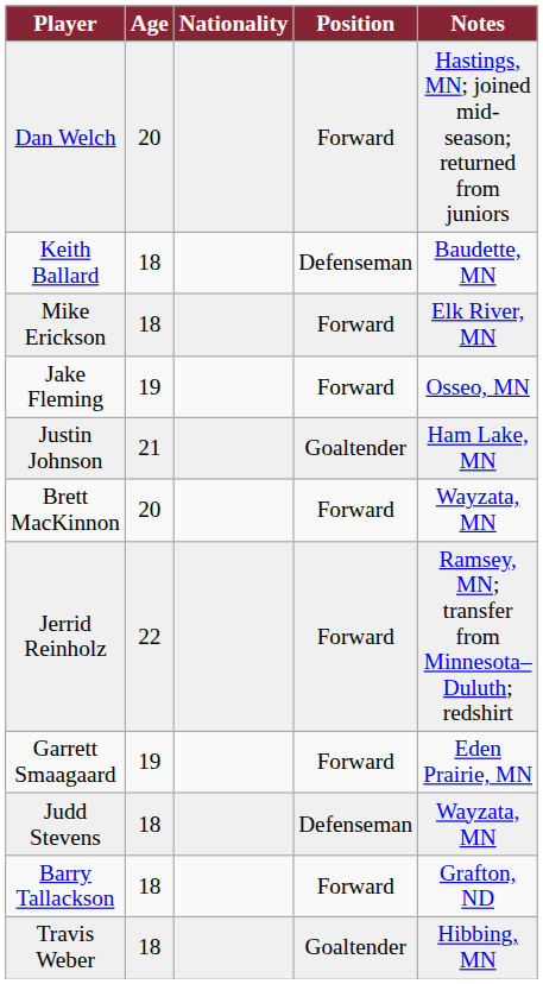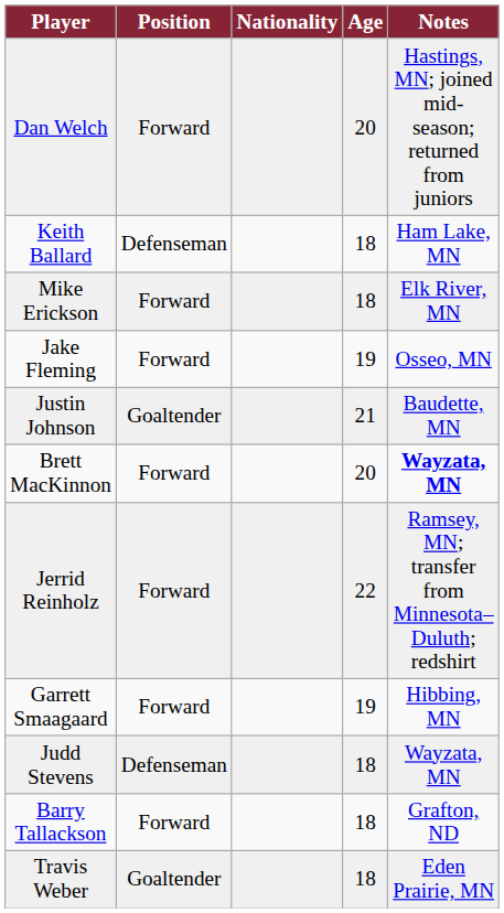 <table class="wikitable" width="60%">
 <tr>
 <th style="color:white; background:#862334; ">Player</th>
+<th style="color:white; background:#862334; ">Position</th>
+<th style="color:white; background:#862334; ">Nationality</th>
 <th style="color:white; background:#862334; ">Age</th>
-<th style="color:white; background:#862334; ">Nationality</th>
-<th style="color:white; background:#862334; ">Position</th>
 <th style="color:white; background:#862334; ">Notes</th>
 </tr>
 <tr align="center" bgcolor="f0f0f0">
 <td><a href='#'>Dan Welch</a></td>
+<td>Forward</td>
+<td></td>
 <td>20</td>
-<td></td>
-<td>Forward</td>
 <td><a href='#'>Hastings, MN</a>; joined mid-season; returned from juniors</td>
 </tr>
 <tr align="center" bgcolor="">
 <td><a href='#'>Keith Ballard</a></td>
+<td>Defenseman</td>
+<td></td>
 <td>18</td>
-<td></td>
-<td>Defenseman</td>
-<td><a href='#'>Baudette, MN</a></td>
+<td><a href='#'>Ham Lake, MN</a></td>
 </tr>
 <tr align="center" bgcolor="f0f0f0">
 <td>Mike Erickson</td>
+<td>Forward</td>
+<td></td>
 <td>18</td>
-<td></td>
-<td>Forward</td>
 <td><a href='#'>Elk River, MN</a></td>
 </tr>
 <tr align="center" bgcolor="">
 <td>Jake Fleming</td>
+<td>Forward</td>
+<td></td>
 <td>19</td>
-<td></td>
-<td>Forward</td>
 <td><a href='#'>Osseo, MN</a></td>
 </tr>
 <tr align="center" bgcolor="f0f0f0">
 <td>Justin Johnson</td>
+<td>Goaltender</td>
+<td></td>
 <td>21</td>
-<td></td>
-<td>Goaltender</td>
-<td><a href='#'>Ham Lake, MN</a></td>
+<td><a href='#'>Baudette, MN</a></td>
 </tr>
 <tr align="center" bgcolor="">
 <td>Brett MacKinnon</td>
+<td>Forward</td>
+<td></td>
 <td>20</td>
-<td></td>
-<td>Forward</td>
-<td><a href='#'>Wayzata, MN</a></td>
+<td><strong><a href='#'>Wayzata, MN</a></strong></td>
 </tr>
 <tr align="center" bgcolor="f0f0f0">
 <td>Jerrid Reinholz</td>
+<td>Forward</td>
+<td></td>
 <td>22</td>
-<td></td>
-<td>Forward</td>
 <td><a href='#'>Ramsey, MN</a>; transfer from <a href='#'>Minnesota–Duluth</a>; redshirt</td>
 </tr>
 <tr align="center" bgcolor="">
 <td>Garrett Smaagaard</td>
+<td>Forward</td>
+<td></td>
 <td>19</td>
-<td></td>
-<td>Forward</td>
-<td><a href='#'>Eden Prairie, MN</a></td>
+<td><a href='#'>Hibbing, MN</a></td>
 </tr>
 <tr align="center" bgcolor="f0f0f0">
 <td>Judd Stevens</td>
+<td>Defenseman</td>
+<td></td>
 <td>18</td>
-<td></td>
-<td>Defenseman</td>
 <td><a href='#'>Wayzata, MN</a></td>
 </tr>
 <tr align="center" bgcolor="">
 <td><a href='#'>Barry Tallackson</a></td>
+<td>Forward</td>
+<td></td>
 <td>18</td>
-<td></td>
-<td>Forward</td>
 <td><a href='#'>Grafton, ND</a></td>
 </tr>
 <tr align="center" bgcolor="f0f0f0">
 <td>Travis Weber</td>
+<td>Goaltender</td>
+<td></td>
 <td>18</td>
-<td></td>
-<td>Goaltender</td>
-<td><a href='#'>Hibbing, MN</a></td>
+<td><a href='#'>Eden Prairie, MN</a></td>
 </tr>
 </table>
